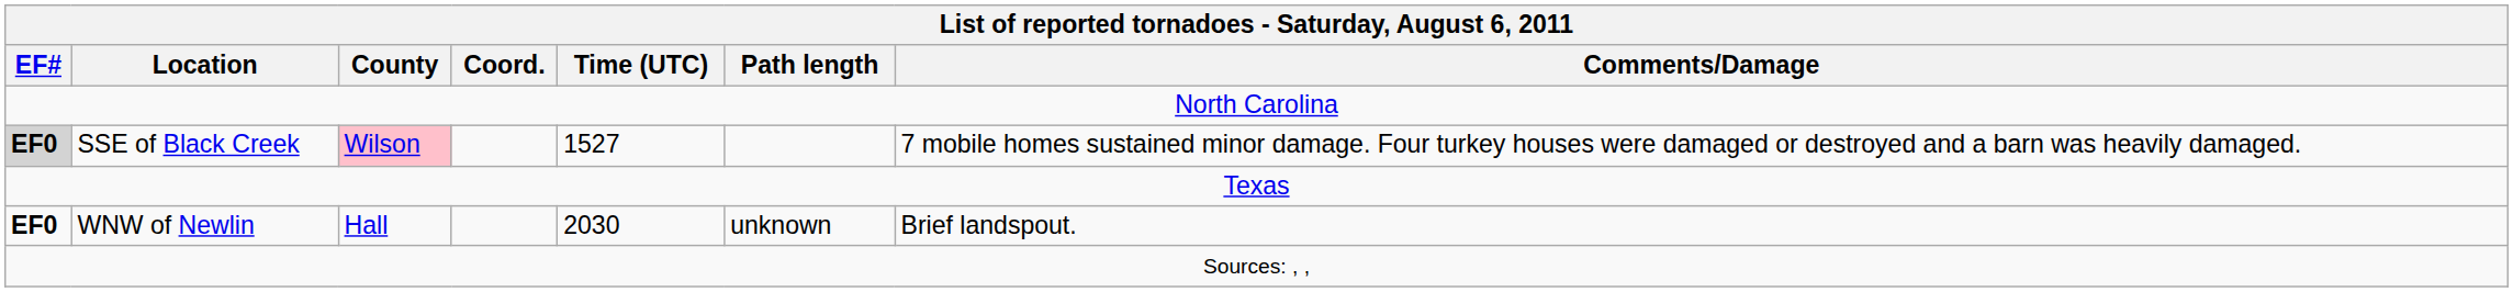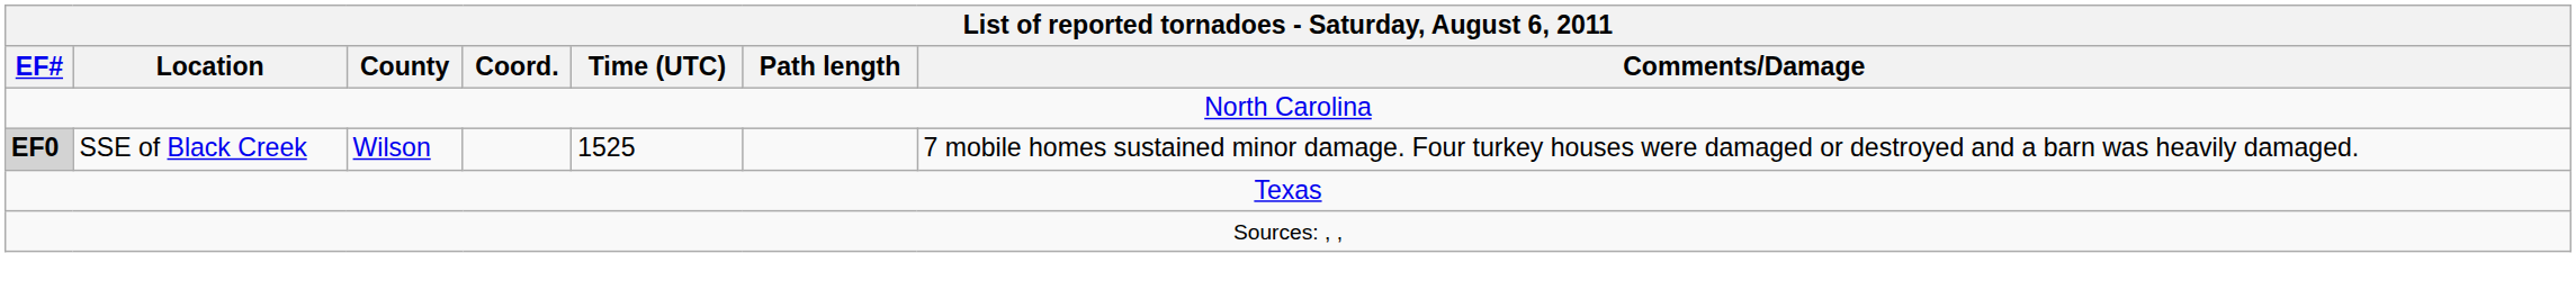 <table class="wikitable collapsible" width="100%">
 <tr>
 <th colspan="7">List of reported tornadoes - Saturday, August 6, 2011</th>
 </tr>
 <tr>
 <th><a href='#'>EF#</a></th>
 <th>Location</th>
 <th>County</th>
 <th>Coord.</th>
 <th>Time (UTC)</th>
 <th>Path length</th>
 <th>Comments/Damage</th>
 </tr>
 <tr>
 <td colspan="7" align=center><a href='#'>North Carolina</a></td>
 </tr>
 <tr>
 <td style="background: lightgrey;"><strong>EF0</strong></td>
 <td>SSE of <a href='#'>Black Creek</a></td>
-<td style="background: pink;"><a href='#'>Wilson</a></td>
+<td><a href='#'>Wilson</a></td>
 <td></td>
-<td>1527</td>
+<td>1525</td>
 <td></td>
 <td>7 mobile homes sustained minor damage. Four turkey houses were damaged or destroyed and a barn was heavily damaged.</td>
 </tr>
 <tr>
 <td colspan="7" align=center><a href='#'>Texas</a></td>
 </tr>
 <tr>
-<td><strong>EF0</strong></td>
-<td>WNW of <a href='#'>Newlin</a></td>
-<td><a href='#'>Hall</a></td>
-<td></td>
-<td>2030</td>
-<td>unknown</td>
-<td>Brief landspout.</td>
-</tr>
-<tr>
 <td colspan="7" align=center><small>Sources: , , </small></td>
 </tr>
 </table>
